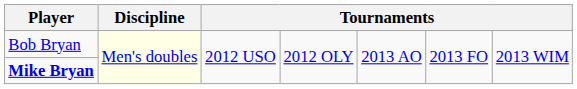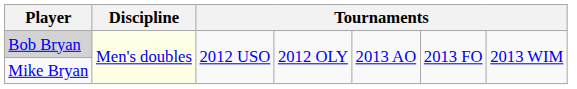 <table class="wikitable" style="text-align:center">
 <tr>
 <th scope="col">Player</th>
 <th scope="col" style="width:140">Discipline</th>
 <th scope="colgroup" colspan="5">Tournaments</th>
 </tr>
 <tr>
-<td style="text-align: left;"> <a href='#'>Bob Bryan</a></td>
+<td style="background: lightgrey; text-align: left;"> <a href='#'>Bob Bryan</a></td>
 <td rowspan="2" style="background:#ffffe6;text-align: left;" data-sort-value="3"><a href='#'>Men's doubles</a></td>
 <td rowspan="2"><a href='#'>2012 USO</a></td>
 <td rowspan="2"><a href='#'>2012 OLY</a></td>
 <td rowspan="2"><a href='#'>2013 AO</a></td>
 <td rowspan="2"><a href='#'>2013 FO</a></td>
 <td rowspan="2"><a href='#'>2013 WIM</a></td>
 </tr>
 <tr>
-<td style="text-align: left;"><strong> <a href='#'>Mike Bryan</a></strong></td>
+<td style="text-align: left;"> <a href='#'>Mike Bryan</a></td>
 </tr>
 </table>
